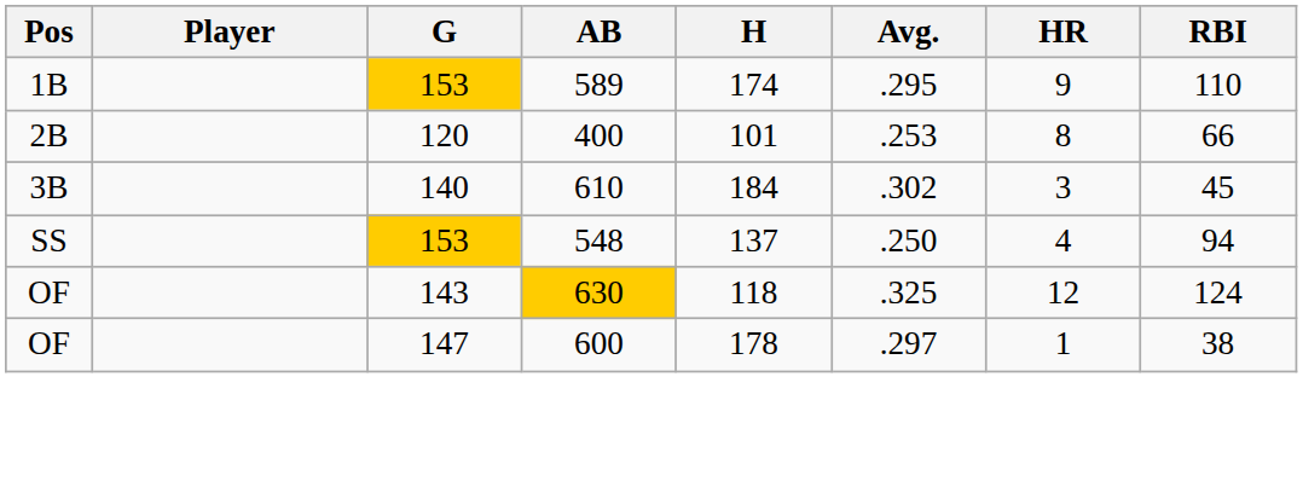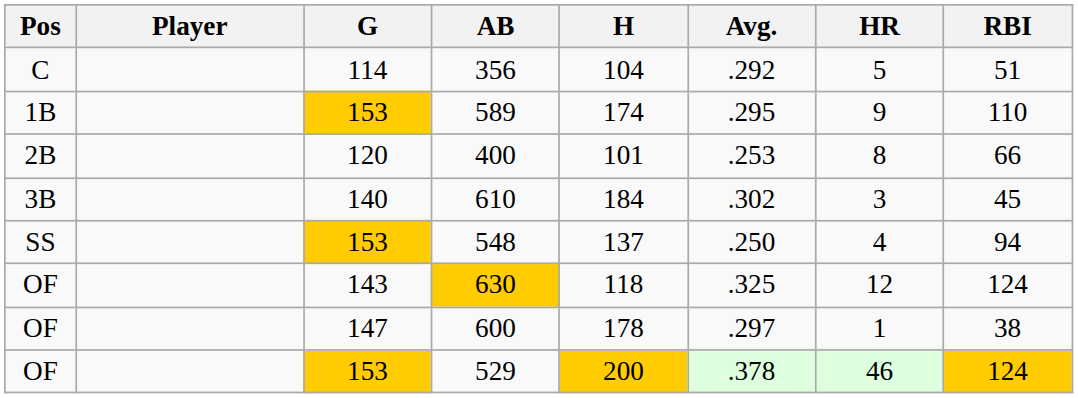 <table class="wikitable sortable">
 <tr>
 <th bgcolor="#DDDDFF" width="5%">Pos</th>
 <th bgcolor="#DDDDFF" width="16%">Player</th>
 <th bgcolor="#DDDDFF" width="9%">G</th>
 <th bgcolor="#DDDDFF" width="9%">AB</th>
 <th bgcolor="#DDDDFF" width="9%">H</th>
 <th bgcolor="#DDDDFF" width="9%">Avg.</th>
 <th bgcolor="#DDDDFF" width="9%">HR</th>
 <th bgcolor="#DDDDFF" width="9%">RBI</th>
+</tr>
+<tr align="center">
+<td>C</td>
+<td></td>
+<td>114</td>
+<td>356</td>
+<td>104</td>
+<td>.292</td>
+<td>5</td>
+<td>51</td>
 </tr>
 <tr align="center">
 <td>1B</td>
 <td></td>
 <td style="background:#fc0;">153</td>
 <td>589</td>
 <td>174</td>
 <td>.295</td>
 <td>9</td>
 <td>110</td>
 </tr>
 <tr align="center">
 <td>2B</td>
 <td></td>
 <td>120</td>
 <td>400</td>
 <td>101</td>
 <td>.253</td>
 <td>8</td>
 <td>66</td>
 </tr>
 <tr align="center">
 <td>3B</td>
 <td></td>
 <td>140</td>
 <td>610</td>
 <td>184</td>
 <td>.302</td>
 <td>3</td>
 <td>45</td>
 </tr>
 <tr align="center">
 <td>SS</td>
 <td></td>
 <td style="background:#fc0;">153</td>
 <td>548</td>
 <td>137</td>
 <td>.250</td>
 <td>4</td>
 <td>94</td>
 </tr>
 <tr align="center">
 <td>OF</td>
 <td></td>
 <td>143</td>
 <td style="background:#fc0;">630</td>
 <td>118</td>
 <td>.325</td>
 <td>12</td>
 <td>124</td>
 </tr>
 <tr align="center">
 <td>OF</td>
 <td></td>
 <td>147</td>
 <td>600</td>
 <td>178</td>
 <td>.297</td>
 <td>1</td>
 <td>38</td>
 </tr>
+<tr align="center">
+<td>OF</td>
+<td></td>
+<td style="background:#fc0;">153</td>
+<td>529</td>
+<td style="background:#fc0;">200</td>
+<td style="background:#DDFFDD;">.378</td>
+<td style="background:#DDFFDD;">46</td>
+<td style="background:#fc0;">124</td>
+</tr>
 </table>
